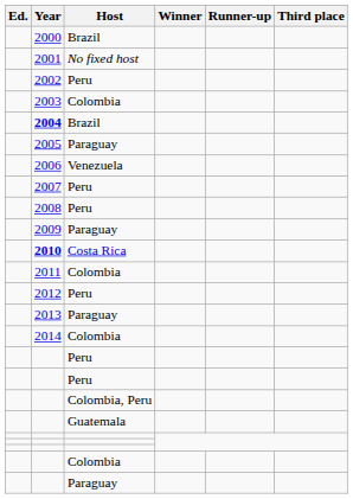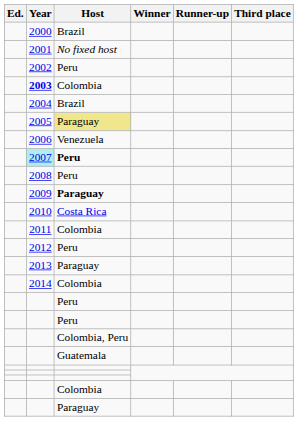 <table class= "wikitable sortable">
 <tr>
 <th>Ed.</th>
 <th>Year</th>
 <th>Host</th>
 <th>Winner</th>
 <th>Runner-up</th>
 <th>Third place</th>
 </tr>
 <tr>
 <td></td>
 <td align=center><a href='#'>2000</a></td>
 <td>Brazil</td>
 <td><strong></strong></td>
 <td></td>
 <td></td>
 </tr>
 <tr>
 <td></td>
 <td align=center><a href='#'>2001</a></td>
 <td><em>No fixed host</em></td>
 <td><strong></strong></td>
 <td></td>
 <td></td>
 </tr>
 <tr>
 <td></td>
 <td align=center><a href='#'>2002</a></td>
 <td>Peru</td>
 <td><strong></strong></td>
 <td></td>
 <td></td>
 </tr>
 <tr>
 <td></td>
-<td align=center><a href='#'>2003</a></td>
+<td align=center><strong><a href='#'>2003</a></strong></td>
 <td>Colombia</td>
 <td><strong></strong></td>
 <td></td>
 <td></td>
 </tr>
 <tr>
 <td></td>
-<td align=center><strong><a href='#'>2004</a></strong></td>
+<td align=center><a href='#'>2004</a></td>
 <td>Brazil</td>
 <td><strong></strong></td>
 <td></td>
 <td></td>
 </tr>
 <tr>
 <td></td>
 <td align=center><a href='#'>2005</a></td>
-<td>Paraguay</td>
+<td style="background: khaki;">Paraguay</td>
 <td><strong></strong></td>
 <td></td>
 <td></td>
 </tr>
 <tr>
 <td></td>
 <td align=center><a href='#'>2006</a></td>
 <td>Venezuela</td>
 <td><strong></strong></td>
 <td></td>
 <td></td>
 </tr>
 <tr>
 <td></td>
-<td align=center><a href='#'>2007</a></td>
-<td>Peru</td>
+<td align=center style="background: paleturquoise;"><a href='#'>2007</a></td>
+<td><strong>Peru</strong></td>
 <td><strong></strong></td>
 <td></td>
 <td></td>
 </tr>
 <tr>
 <td></td>
 <td align=center><a href='#'>2008</a></td>
 <td>Peru</td>
 <td><strong></strong></td>
 <td></td>
 <td></td>
 </tr>
 <tr>
 <td></td>
 <td align=center><a href='#'>2009</a></td>
-<td>Paraguay</td>
+<td><strong>Paraguay</strong></td>
 <td><strong></strong></td>
 <td></td>
 <td></td>
 </tr>
 <tr>
 <td></td>
-<td align=center><strong><a href='#'>2010</a></strong></td>
+<td align=center><a href='#'>2010</a></td>
 <td><a href='#'>Costa Rica</a></td>
 <td><strong></strong></td>
 <td></td>
 <td></td>
 </tr>
 <tr>
 <td></td>
 <td align=center><a href='#'>2011</a></td>
 <td>Colombia</td>
 <td><strong></strong></td>
 <td></td>
 <td></td>
 </tr>
 <tr>
 <td></td>
 <td align=center><a href='#'>2012</a></td>
 <td>Peru</td>
 <td><strong></strong></td>
 <td></td>
 <td></td>
 </tr>
 <tr>
 <td></td>
 <td align=center><a href='#'>2013</a></td>
 <td>Paraguay</td>
 <td><strong></strong></td>
 <td></td>
 <td></td>
 </tr>
 <tr>
 <td></td>
 <td align=center><a href='#'>2014</a></td>
 <td>Colombia</td>
 <td><strong></strong></td>
 <td></td>
 <td></td>
 </tr>
 <tr>
 <td></td>
 <td></td>
 <td>Peru</td>
 <td><strong></strong></td>
 <td></td>
 <td></td>
 </tr>
 <tr>
 <td></td>
 <td></td>
 <td>Peru</td>
 <td><strong></strong></td>
 <td></td>
 <td></td>
 </tr>
 <tr>
 <td></td>
 <td></td>
 <td>Colombia, Peru</td>
 <td><strong></strong></td>
 <td></td>
 <td></td>
 </tr>
 <tr>
 <td></td>
 <td></td>
 <td>Guatemala</td>
 <td><strong></strong></td>
 <td></td>
 <td></td>
 </tr>
 <tr>
 <td></td>
 <td></td>
 <td></td>
 </tr>
 <tr>
 <td></td>
 <td></td>
 <td></td>
 </tr>
 <tr>
 <td></td>
 <td></td>
 <td></td>
 </tr>
 <tr>
 <td></td>
 <td></td>
 <td>Colombia</td>
 <td><strong></strong></td>
 <td></td>
 <td></td>
 </tr>
 <tr>
 <td></td>
 <td></td>
 <td>Paraguay</td>
 <td><strong></strong></td>
 <td></td>
 <td></td>
 </tr>
 </table>
